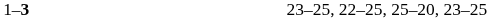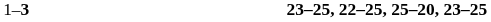 <table>
 <tr>
 <th width=200></th>
 <th width=80></th>
 <th width=200></th>
 <th width=220></th>
 </tr>
 <tr>
 <td align=right></td>
 <td align=center>1–<strong>3</strong></td>
 <td><strong></strong></td>
-<td>23–25, 22–25, 25–20, 23–25</td>
+<td><strong>23–25, 22–25, 25–20, 23–25</strong></td>
 </tr>
 </table>
